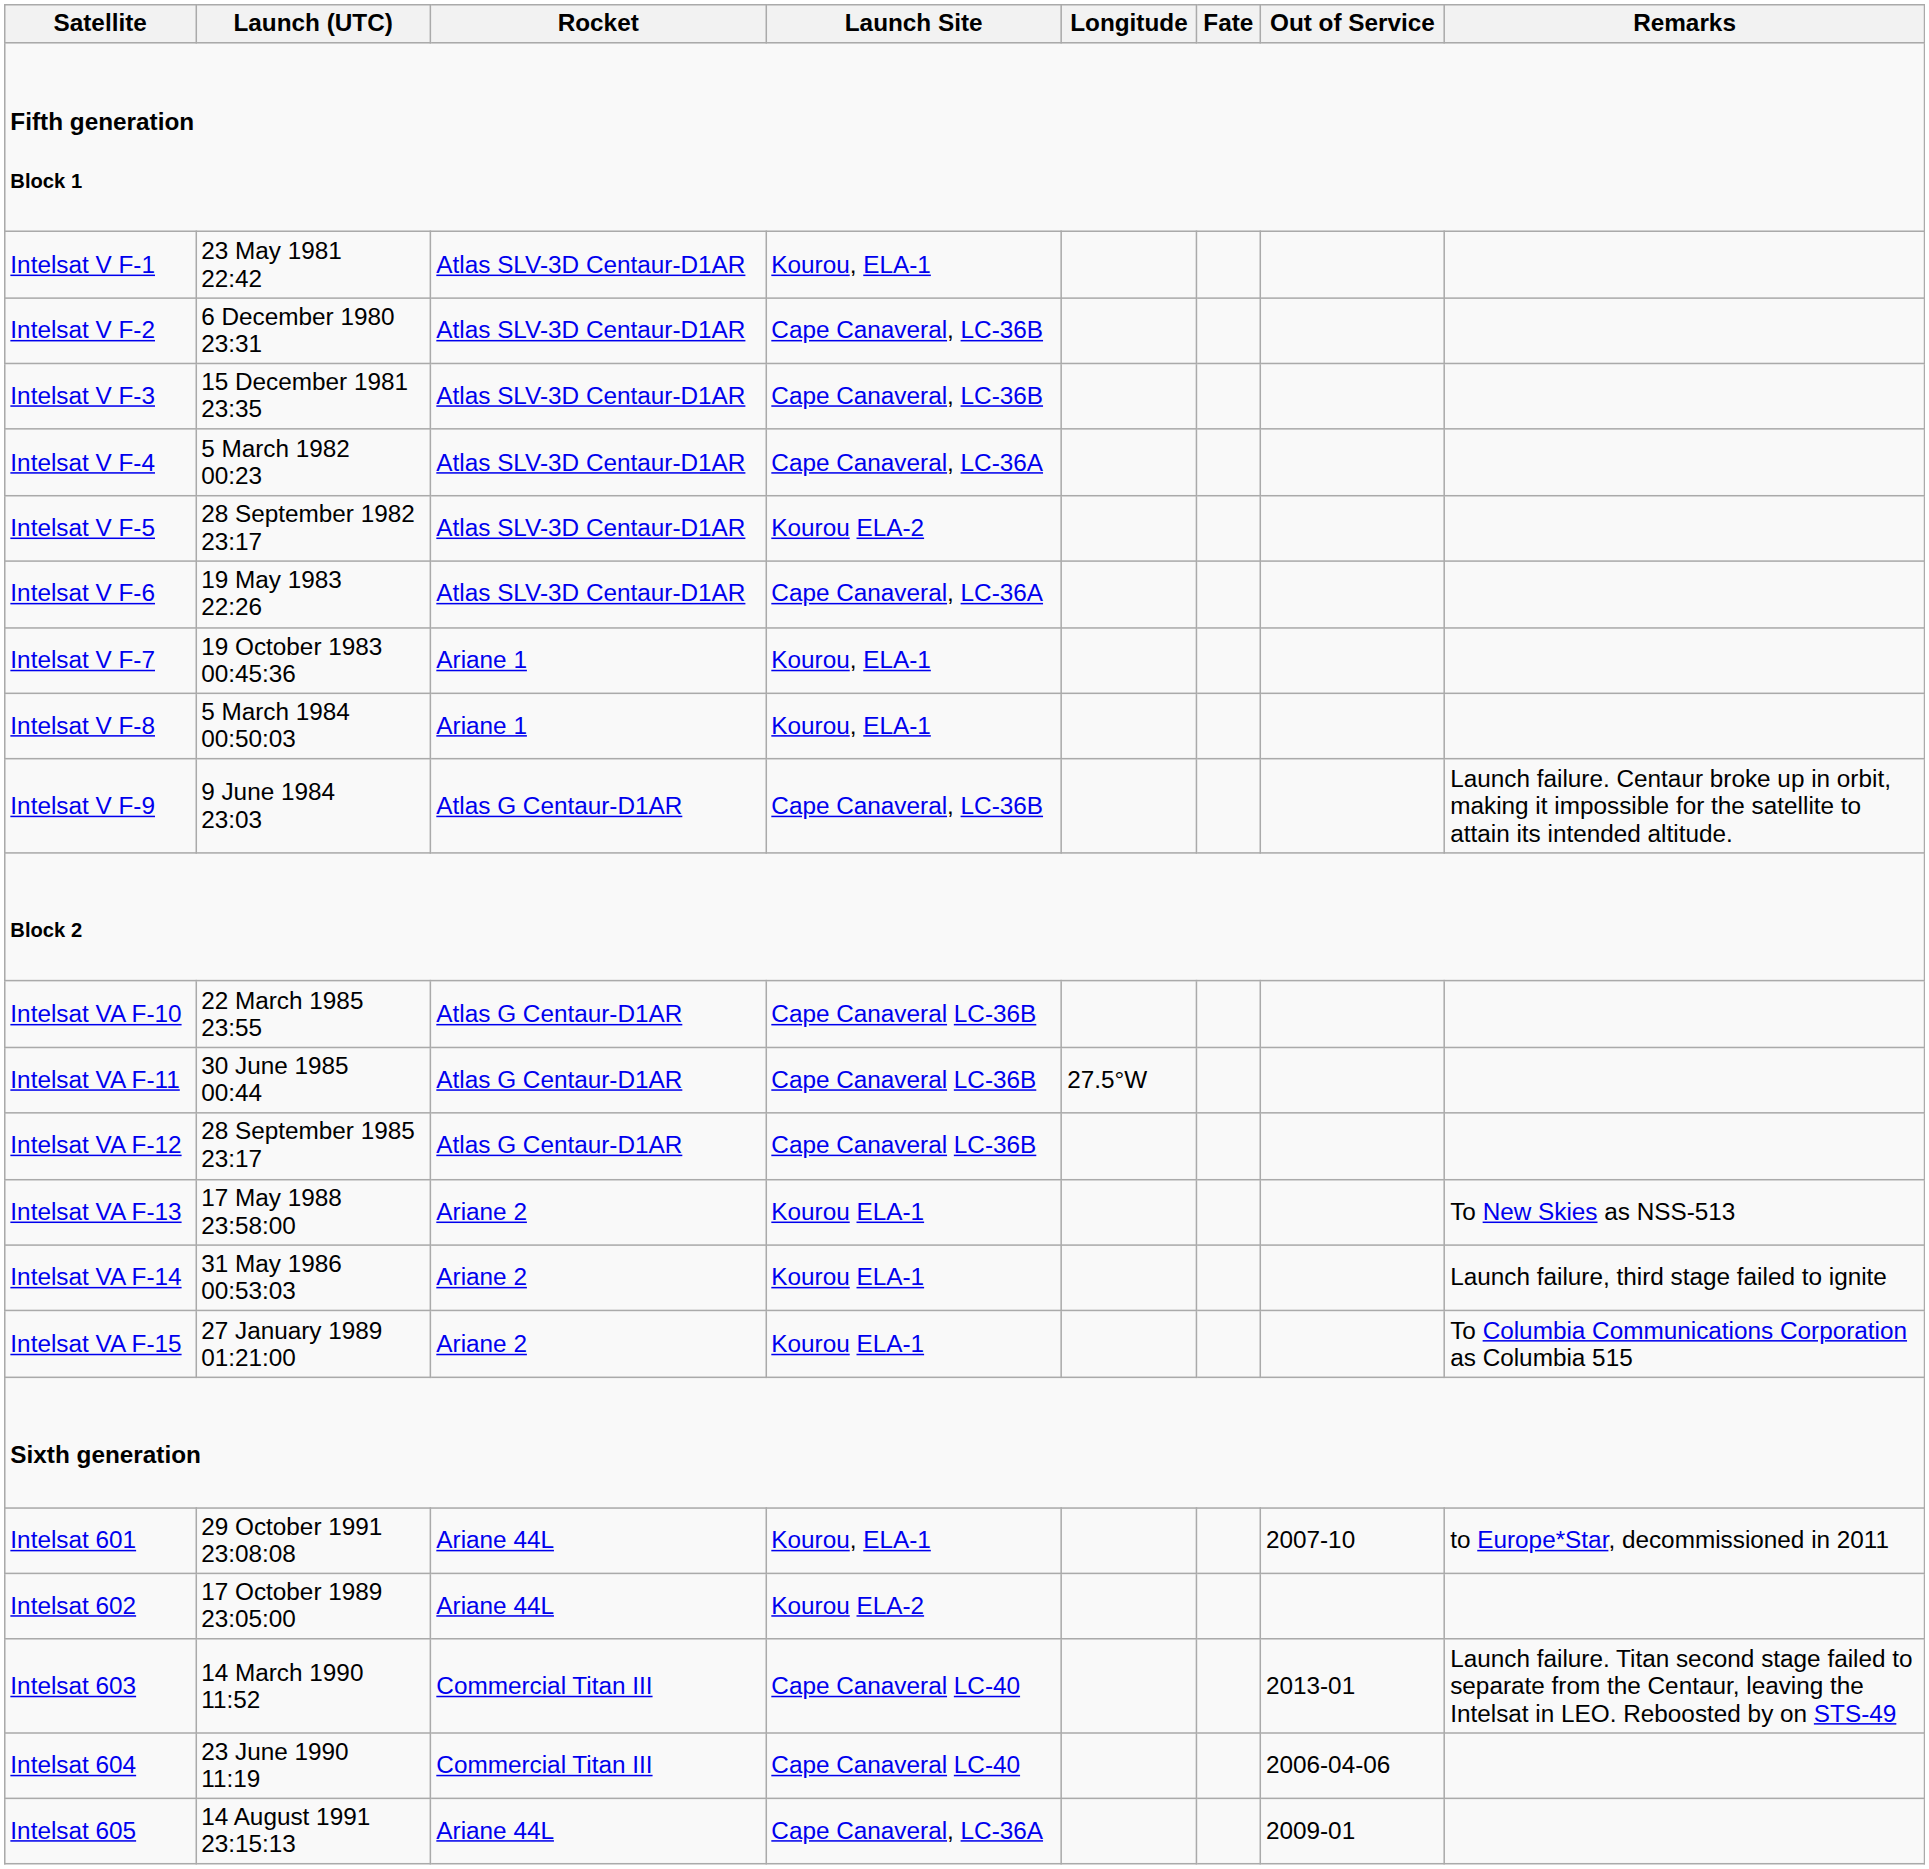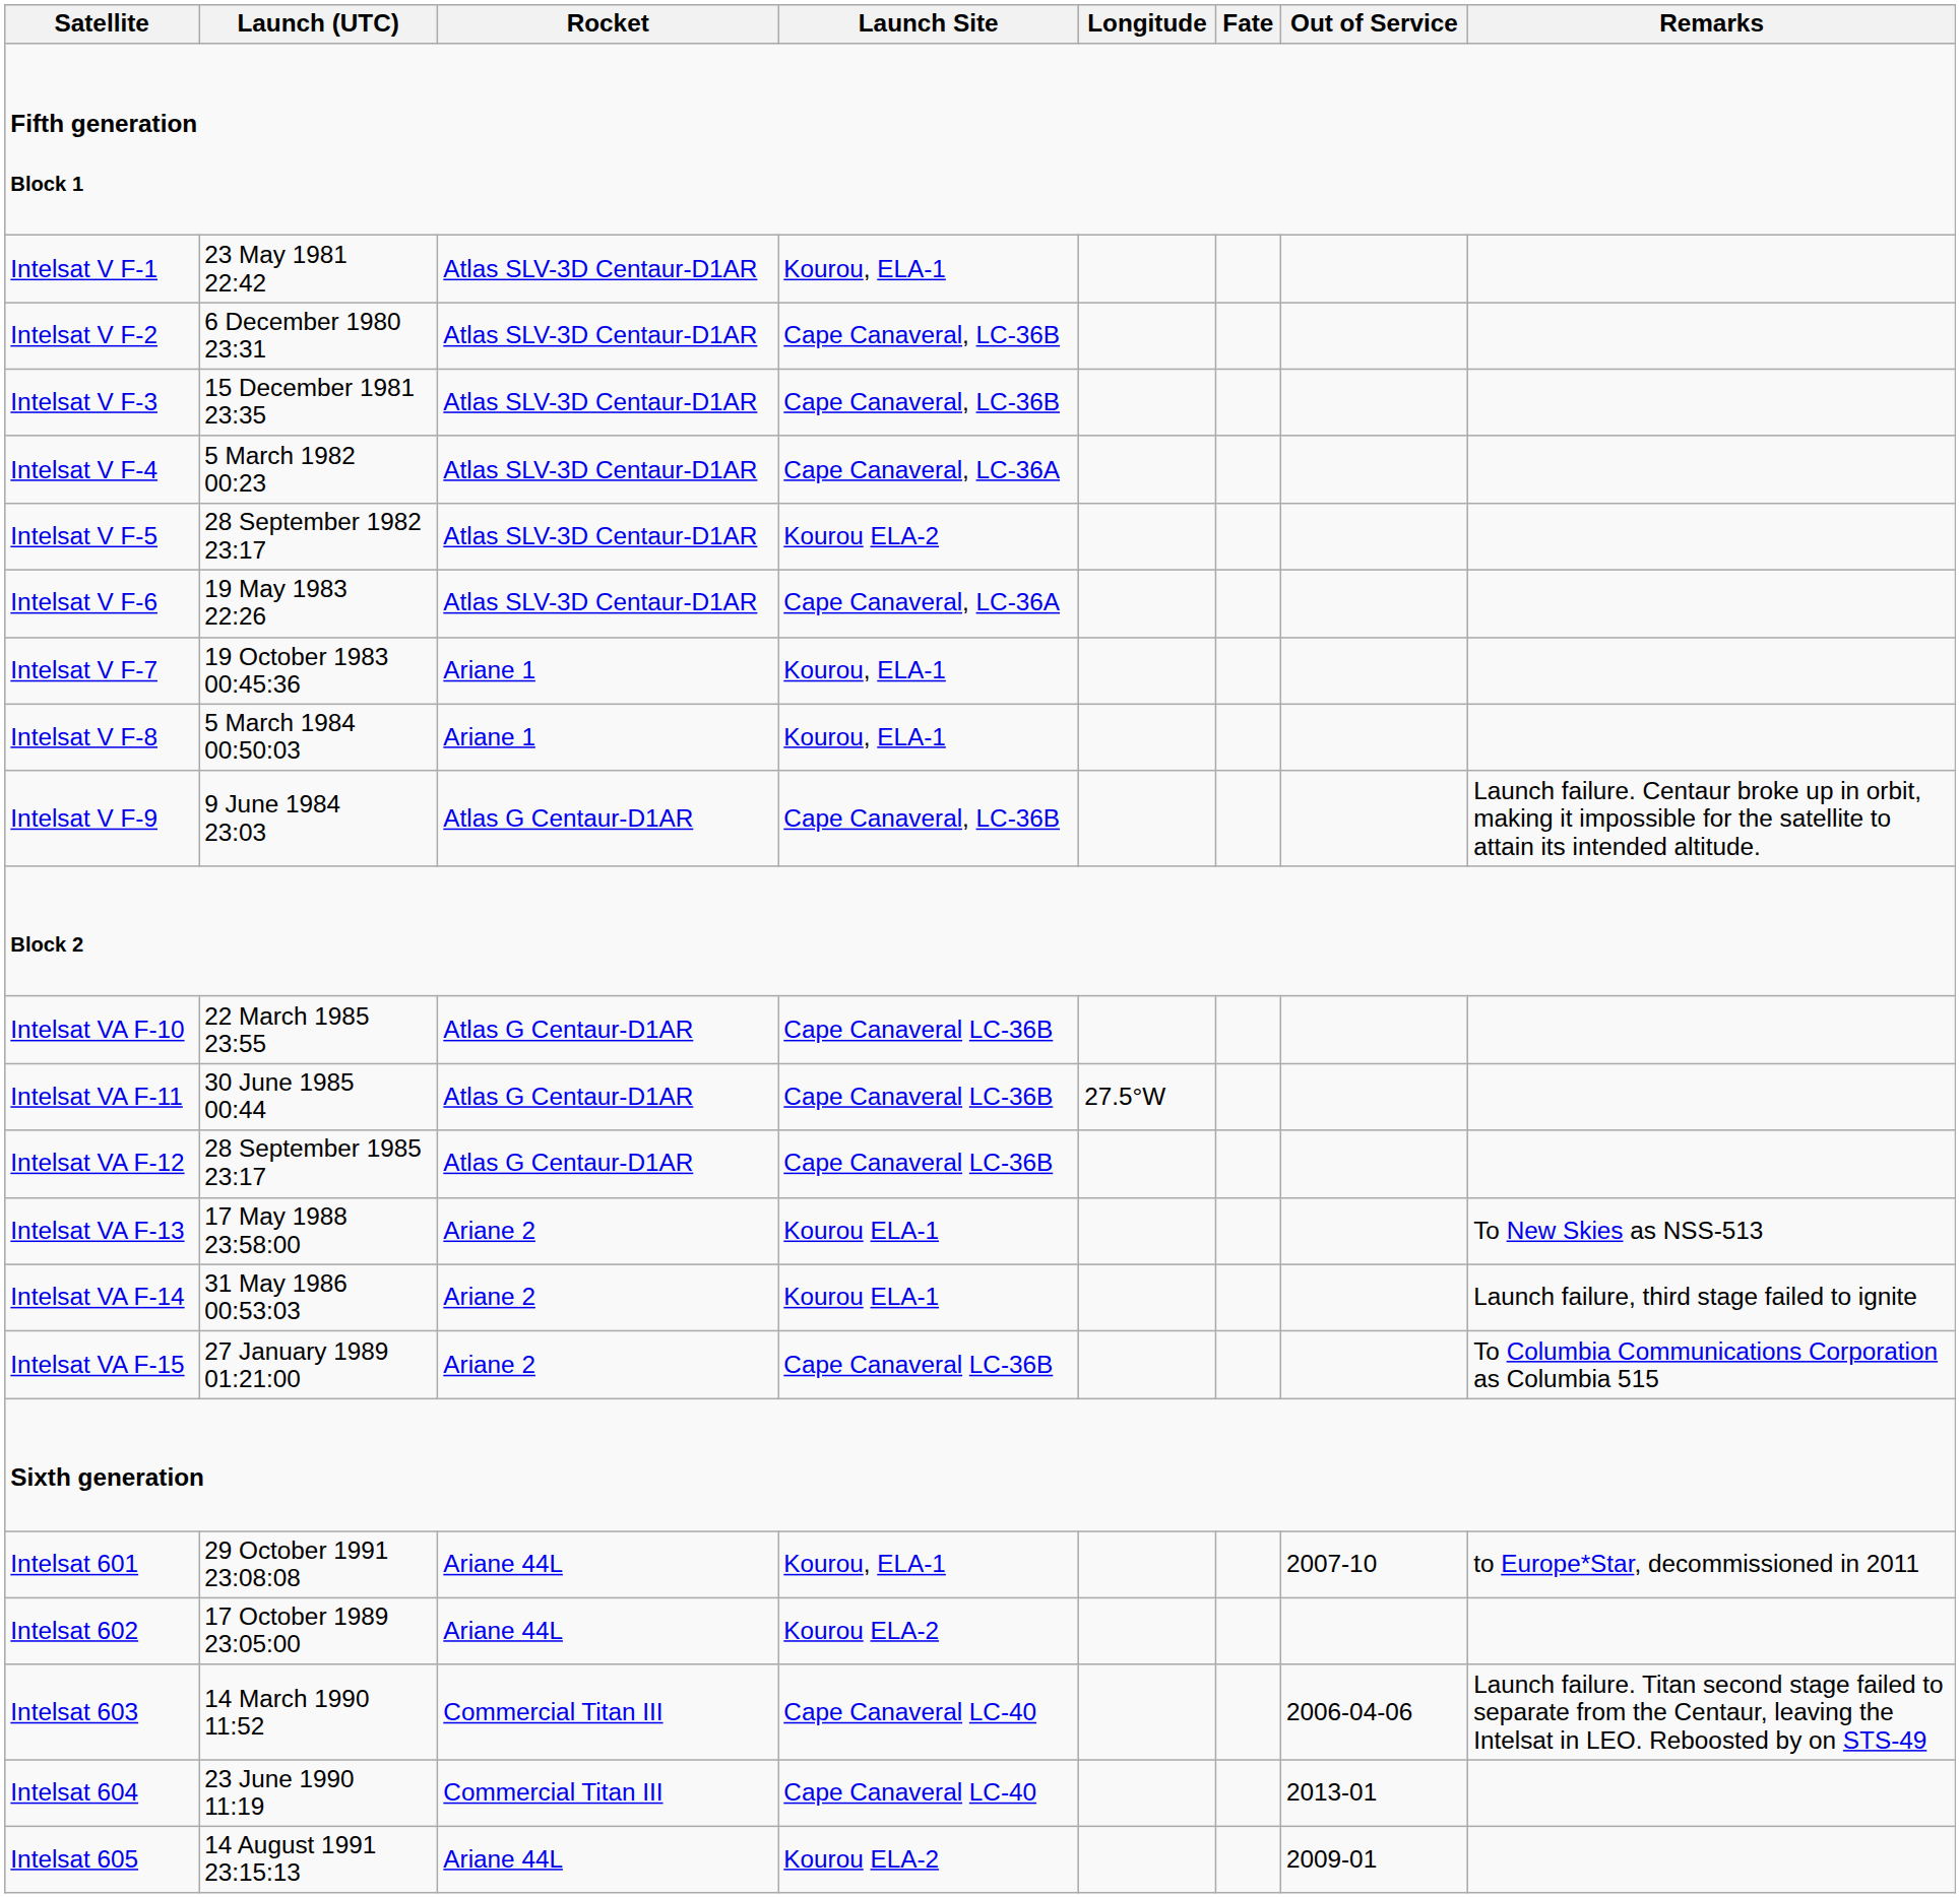 <table class = "wikitable" width="100%">
 <tr>
 <th>Satellite</th>
 <th>Launch (UTC)</th>
 <th>Rocket</th>
 <th>Launch Site</th>
 <th>Longitude </th>
 <th>Fate</th>
 <th>Out of Service</th>
 <th width="25%">Remarks</th>
 </tr>
 <tr>
 <td colspan=8><br><h4>Fifth generation</h4><h5>Block 1</h5></td>
 </tr>
 <tr>
 <td><a href='#'>Intelsat V F-1</a></td>
 <td>23 May 1981<br>22:42</td>
 <td><a href='#'>Atlas SLV-3D Centaur-D1AR</a></td>
 <td><a href='#'>Kourou</a>, <a href='#'>ELA-1</a></td>
 <td></td>
 <td></td>
 <td></td>
 <td></td>
 </tr>
 <tr>
 <td><a href='#'>Intelsat V F-2</a></td>
 <td>6 December 1980<br>23:31</td>
 <td><a href='#'>Atlas SLV-3D Centaur-D1AR</a></td>
 <td><a href='#'>Cape Canaveral</a>, <a href='#'>LC-36B</a></td>
 <td></td>
 <td></td>
 <td></td>
 <td></td>
 </tr>
 <tr>
 <td><a href='#'>Intelsat V F-3</a></td>
 <td>15 December 1981<br>23:35</td>
 <td><a href='#'>Atlas SLV-3D Centaur-D1AR</a></td>
 <td><a href='#'>Cape Canaveral</a>, <a href='#'>LC-36B</a></td>
 <td></td>
 <td></td>
 <td></td>
 <td></td>
 </tr>
 <tr>
 <td><a href='#'>Intelsat V F-4</a></td>
 <td>5 March 1982<br>00:23</td>
 <td><a href='#'>Atlas SLV-3D Centaur-D1AR</a></td>
 <td><a href='#'>Cape Canaveral</a>, <a href='#'>LC-36A</a></td>
 <td></td>
 <td></td>
 <td></td>
 <td></td>
 </tr>
 <tr>
 <td><a href='#'>Intelsat V F-5</a></td>
 <td>28 September 1982<br>23:17</td>
 <td><a href='#'>Atlas SLV-3D Centaur-D1AR</a></td>
 <td><a href='#'>Kourou</a> <a href='#'>ELA-2</a></td>
 <td></td>
 <td></td>
 <td></td>
 <td></td>
 </tr>
 <tr>
 <td><a href='#'>Intelsat V F-6</a></td>
 <td>19 May 1983<br>22:26</td>
 <td><a href='#'>Atlas SLV-3D Centaur-D1AR</a></td>
 <td><a href='#'>Cape Canaveral</a>, <a href='#'>LC-36A</a></td>
 <td></td>
 <td></td>
 <td></td>
 <td></td>
 </tr>
 <tr>
 <td><a href='#'>Intelsat V F-7</a></td>
 <td>19 October 1983<br>00:45:36</td>
 <td><a href='#'>Ariane 1</a></td>
 <td><a href='#'>Kourou</a>, <a href='#'>ELA-1</a></td>
 <td></td>
 <td></td>
 <td></td>
 <td></td>
 </tr>
 <tr>
 <td><a href='#'>Intelsat V F-8</a></td>
 <td>5 March 1984<br>00:50:03</td>
 <td><a href='#'>Ariane 1</a></td>
 <td><a href='#'>Kourou</a>, <a href='#'>ELA-1</a></td>
 <td></td>
 <td></td>
 <td></td>
 <td></td>
 </tr>
 <tr>
 <td><a href='#'>Intelsat V F-9</a></td>
 <td>9 June 1984<br>23:03</td>
 <td><a href='#'>Atlas G Centaur-D1AR</a></td>
 <td><a href='#'>Cape Canaveral</a>, <a href='#'>LC-36B</a></td>
 <td></td>
 <td></td>
 <td></td>
 <td>Launch failure. Centaur broke up in orbit, making it impossible for the satellite to attain its intended altitude.</td>
 </tr>
 <tr>
 <td colspan=8><br><h5>Block 2</h5></td>
 </tr>
 <tr>
 <td><a href='#'>Intelsat VA F-10</a></td>
 <td>22 March 1985<br>23:55</td>
 <td><a href='#'>Atlas G Centaur-D1AR</a></td>
 <td><a href='#'>Cape Canaveral</a> <a href='#'>LC-36B</a></td>
 <td></td>
 <td></td>
 <td></td>
 <td></td>
 </tr>
 <tr>
 <td><a href='#'>Intelsat VA F-11</a></td>
 <td>30 June 1985<br>00:44</td>
 <td><a href='#'>Atlas G Centaur-D1AR</a></td>
 <td><a href='#'>Cape Canaveral</a> <a href='#'>LC-36B</a></td>
 <td>27.5°W</td>
 <td></td>
 <td></td>
 <td></td>
 </tr>
 <tr>
 <td><a href='#'>Intelsat VA F-12</a></td>
 <td>28 September 1985<br>23:17</td>
 <td><a href='#'>Atlas G Centaur-D1AR</a></td>
 <td><a href='#'>Cape Canaveral</a> <a href='#'>LC-36B</a></td>
 <td></td>
 <td></td>
 <td></td>
 <td></td>
 </tr>
 <tr>
 <td><a href='#'>Intelsat VA F-13</a></td>
 <td>17 May 1988<br>23:58:00</td>
 <td><a href='#'>Ariane 2</a></td>
 <td><a href='#'>Kourou</a> <a href='#'>ELA-1</a></td>
 <td></td>
 <td></td>
 <td></td>
 <td>To <a href='#'>New Skies</a> as NSS-513</td>
 </tr>
 <tr>
 <td><a href='#'>Intelsat VA F-14</a></td>
 <td>31 May 1986<br>00:53:03</td>
 <td><a href='#'>Ariane 2</a></td>
 <td><a href='#'>Kourou</a> <a href='#'>ELA-1</a></td>
 <td></td>
 <td></td>
 <td></td>
 <td>Launch failure, third stage failed to ignite</td>
 </tr>
 <tr>
 <td><a href='#'>Intelsat VA F-15</a></td>
 <td>27 January 1989<br>01:21:00</td>
 <td><a href='#'>Ariane 2</a></td>
-<td><a href='#'>Kourou</a> <a href='#'>ELA-1</a></td>
+<td><a href='#'>Cape Canaveral</a> <a href='#'>LC-36B</a></td>
 <td></td>
 <td></td>
 <td></td>
 <td>To <a href='#'>Columbia Communications Corporation</a> as Columbia 515</td>
 </tr>
 <tr>
 <td colspan=8><br><h4>Sixth generation</h4></td>
 </tr>
 <tr>
 <td><a href='#'>Intelsat 601</a></td>
 <td>29 October 1991<br>23:08:08</td>
 <td><a href='#'>Ariane 44L</a></td>
 <td><a href='#'>Kourou</a>, <a href='#'>ELA-1</a></td>
 <td></td>
 <td></td>
 <td>2007-10</td>
 <td>to <a href='#'>Europe*Star</a>, decommissioned in 2011</td>
 </tr>
 <tr>
 <td><a href='#'>Intelsat 602</a></td>
 <td>17 October 1989<br>23:05:00</td>
 <td><a href='#'>Ariane 44L</a></td>
 <td><a href='#'>Kourou</a> <a href='#'>ELA-2</a></td>
 <td></td>
 <td></td>
 <td></td>
 <td></td>
 </tr>
 <tr>
 <td><a href='#'>Intelsat 603</a></td>
 <td>14 March 1990<br>11:52</td>
 <td><a href='#'>Commercial Titan III</a></td>
 <td><a href='#'>Cape Canaveral</a> <a href='#'>LC-40</a></td>
 <td></td>
 <td></td>
-<td>2013-01</td>
+<td>2006-04-06</td>
 <td>Launch failure. Titan second stage failed to separate from the Centaur, leaving the Intelsat in LEO. Reboosted by  on <a href='#'>STS-49</a></td>
 </tr>
 <tr>
 <td><a href='#'>Intelsat 604</a></td>
 <td>23 June 1990<br>11:19</td>
 <td><a href='#'>Commercial Titan III</a></td>
 <td><a href='#'>Cape Canaveral</a> <a href='#'>LC-40</a></td>
 <td></td>
 <td></td>
-<td>2006-04-06</td>
+<td>2013-01</td>
 <td></td>
 </tr>
 <tr>
 <td><a href='#'>Intelsat 605</a></td>
 <td>14 August 1991<br>23:15:13</td>
 <td><a href='#'>Ariane 44L</a></td>
-<td><a href='#'>Cape Canaveral</a>, <a href='#'>LC-36A</a></td>
+<td><a href='#'>Kourou</a> <a href='#'>ELA-2</a></td>
 <td></td>
 <td></td>
 <td>2009-01</td>
 <td></td>
 </tr>
 </table>
